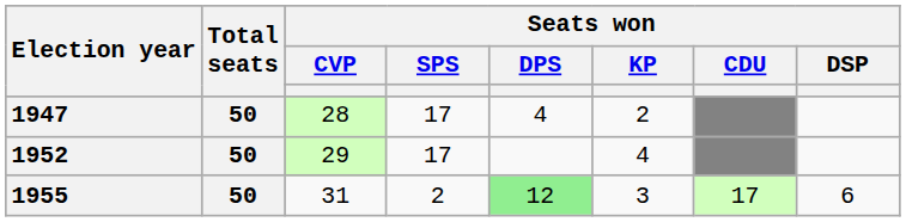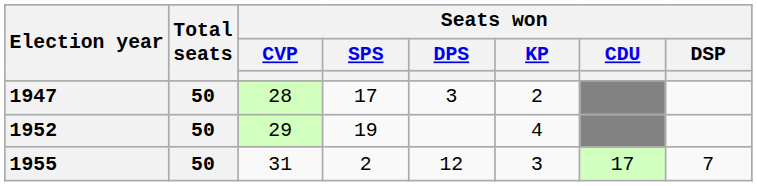 <table class="wikitable" style="text-align:center; font-size: 0.9em;">
 <tr>
 <th rowspan="3">Election year</th>
 <th rowspan="3">Total<br>seats</th>
 <th colspan="7">Seats won</th>
 </tr>
 <tr>
 <th class="unsortable" style="width:45px;"><a href='#'>CVP</a></th>
 <th class="unsortable" style="width:45px;"><a href='#'>SPS</a></th>
 <th class="unsortable" style="width:45px;"><a href='#'>DPS</a></th>
 <th class="unsortable" style="width:45px;"><a href='#'>KP</a></th>
 <th class="unsortable" style="width:45px;"><a href='#'>CDU</a></th>
 <th class="unsortable" style="width:45px;">DSP</th>
 </tr>
 <tr>
 <th style="background:"></th>
 <th style="background:"></th>
 <th style="background:"></th>
 <th style="background:"></th>
 <th style="background:"></th>
 <th style="background:"></th>
 </tr>
 <tr>
 <th style="text-align: left;">1947</th>
 <th>50</th>
 <td style="background:#d1ffbd;">28</td>
 <td>17</td>
-<td>4</td>
+<td>3</td>
 <td>2</td>
 <td style="background:#828282;"></td>
 <td></td>
 </tr>
 <tr>
 <th style="text-align: left;">1952</th>
 <th>50</th>
 <td style="background:#d1ffbd;">29</td>
-<td>17</td>
+<td>19</td>
 <td></td>
 <td>4</td>
 <td style="background:#828282;"></td>
 <td></td>
 </tr>
 <tr>
 <th style="text-align: left;">1955</th>
 <th>50</th>
 <td>31</td>
 <td>2</td>
-<td style="background: lightgreen;">12</td>
+<td>12</td>
 <td>3</td>
 <td style="background:#d1ffbd;">17</td>
-<td>6</td>
+<td>7</td>
 </tr>
 </table>
